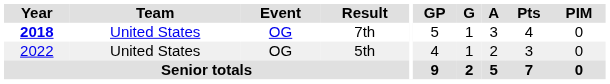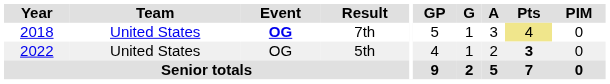 <table border="0" cellpadding="1" cellspacing="0" ID="Table3" style="text-align:center; width:40em">
 <tr ALIGN="center" bgcolor="#e0e0e0">
 <th>Year</th>
 <th>Team</th>
 <th>Event</th>
 <th>Result</th>
 <th rowspan="99" bgcolor="#ffffff"></th>
 <th>GP</th>
 <th>G</th>
 <th>A</th>
 <th>Pts</th>
 <th>PIM</th>
 </tr>
 <tr>
-<td><strong><a href='#'>2018</a></strong></td>
+<td><a href='#'>2018</a></td>
 <td><a href='#'>United States</a></td>
-<td><a href='#'>OG</a></td>
+<td><strong><a href='#'>OG</a></strong></td>
 <td>7th</td>
 <td>5</td>
 <td>1</td>
 <td>3</td>
-<td>4</td>
+<td style="background: khaki;">4</td>
 <td>0</td>
 </tr>
 <tr bgcolor="#f0f0f0">
 <td><a href='#'>2022</a></td>
 <td>United States</td>
 <td>OG</td>
 <td>5th</td>
 <td>4</td>
 <td>1</td>
 <td>2</td>
-<td>3</td>
+<td><strong>3</strong></td>
 <td>0</td>
 </tr>
 <tr bgcolor="#e0e0e0">
 <th colspan="4">Senior totals</th>
 <th>9</th>
 <th>2</th>
 <th>5</th>
 <th>7</th>
 <th>0</th>
 </tr>
 </table>
